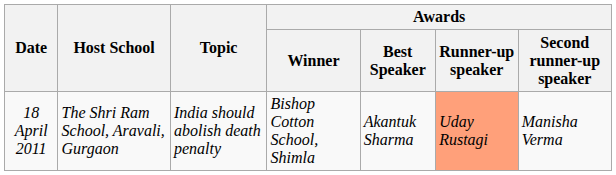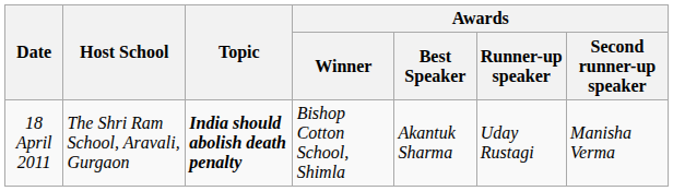 <table class="wikitable">
 <tr>
 <th rowspan="2">Date</th>
 <th rowspan="2">Host School</th>
 <th rowspan="2">Topic</th>
 <th colspan="4">Awards</th>
 </tr>
 <tr>
 <th>Winner</th>
 <th>Best Speaker</th>
 <th>Runner-up speaker</th>
 <th>Second runner-up speaker</th>
 </tr>
 <tr>
 <td align="center"><em>18 April 2011</em></td>
 <td><em>The Shri Ram School, Aravali, Gurgaon</em></td>
-<td><em>India should abolish death penalty</em></td>
+<td><strong><em>India should abolish death penalty</em></strong></td>
 <td><em>Bishop Cotton School, Shimla</em></td>
 <td><em>Akantuk Sharma</em></td>
-<td style="background: lightsalmon;"><em> Uday Rustagi</em></td>
+<td><em> Uday Rustagi</em></td>
 <td><em>Manisha Verma</em></td>
 </tr>
 </table>
